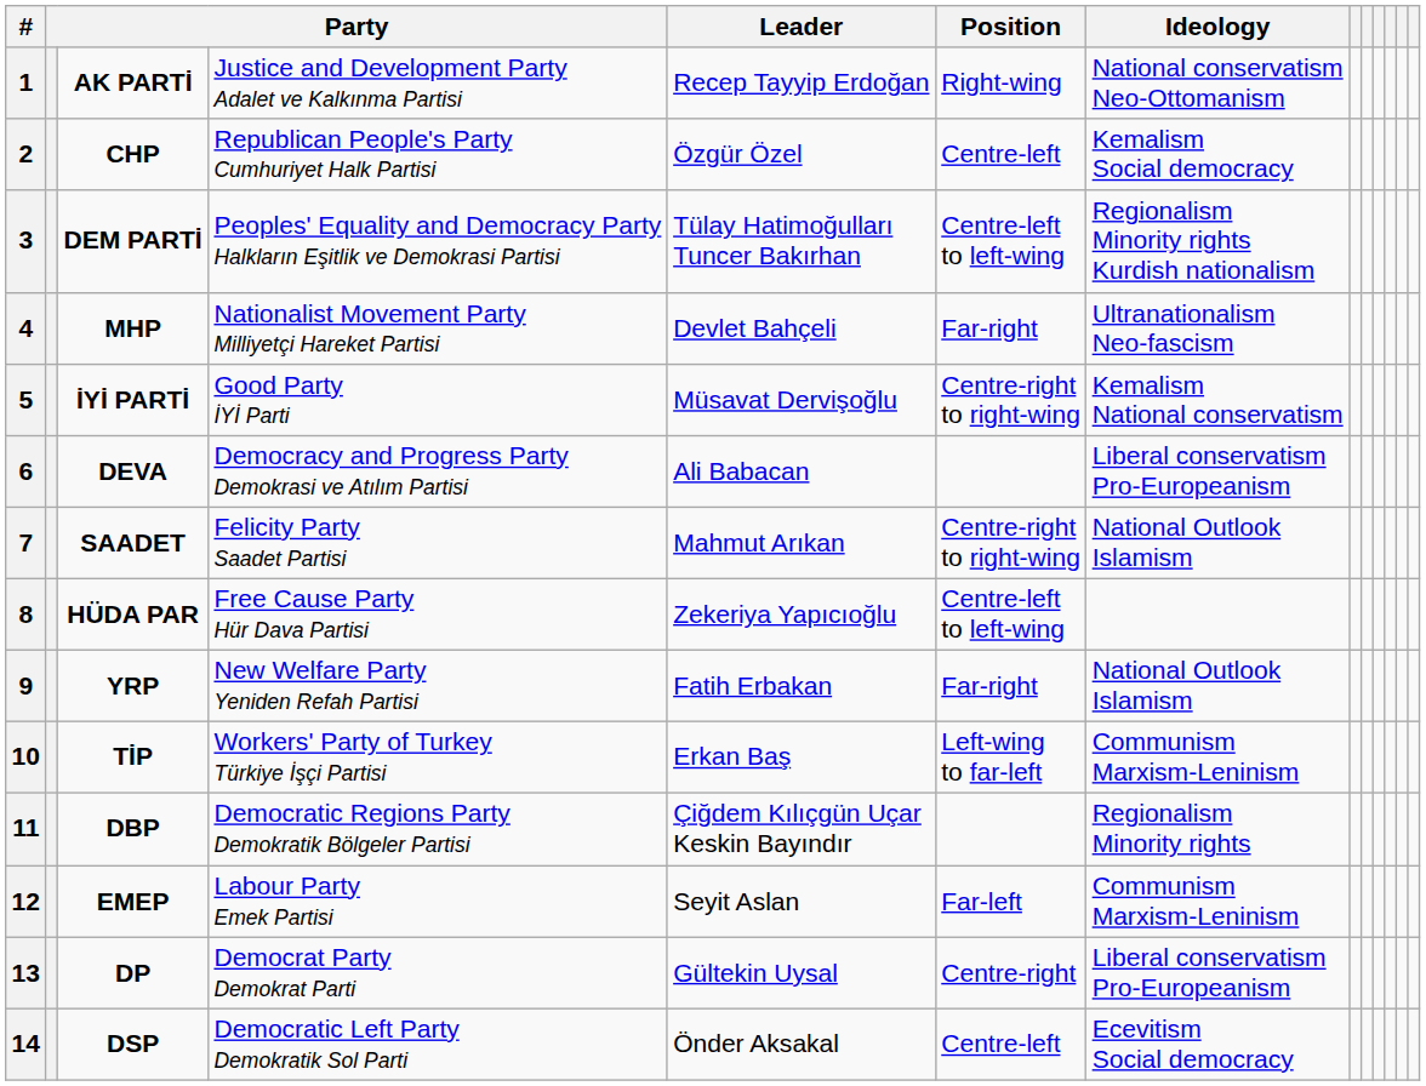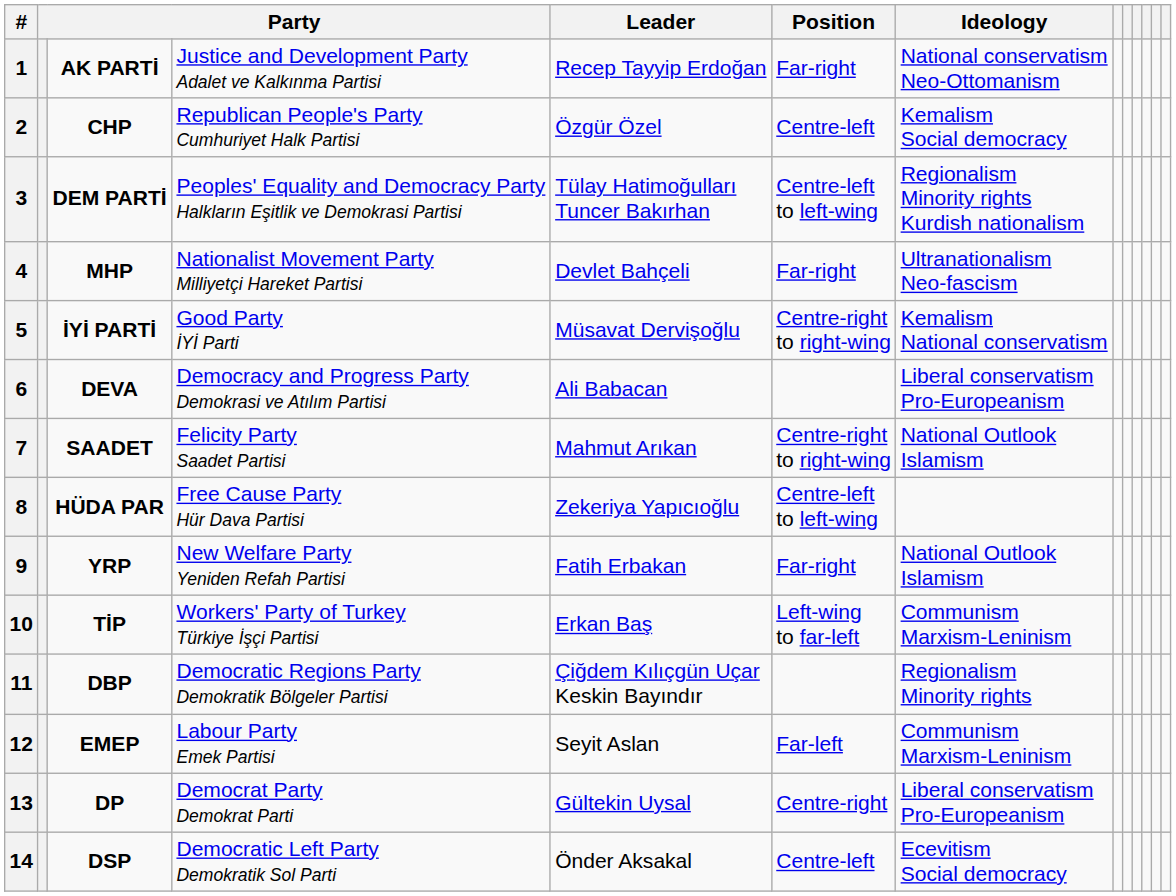 <table class="wikitable sortable" style="text-align:centre; font-size:96%">
 <tr>
 <th scope="col">#</th>
 <th colspan="3" scope="col">Party</th>
 <th>Leader</th>
 <th>Position</th>
 <th>Ideology</th>
 <th></th>
 <th></th>
 <th></th>
 <th></th>
 <th></th>
 <th></th>
 </tr>
 <tr>
 <th scope="col">1</th>
 <th style="background-color:"></th>
 <td align="center"><strong>AK PARTİ</strong></td>
 <td><a href='#'>Justice and Development Party</a><br><small><em>Adalet ve Kalkınma Partisi</em></small></td>
 <td><a href='#'>Recep Tayyip Erdoğan</a></td>
-<td><a href='#'>Right-wing</a></td>
+<td><a href='#'>Far-right</a></td>
 <td><a href='#'>National conservatism</a><br><a href='#'>Neo-Ottomanism</a></td>
 <td></td>
 <td></td>
 <td></td>
 <td></td>
 <td></td>
 <td></td>
 </tr>
 <tr>
 <th scope="col">2</th>
 <th style="background-color:"></th>
 <td align="center"><strong>CHP</strong></td>
 <td><a href='#'>Republican People's Party</a><br><small><em>Cumhuriyet Halk Partisi</em></small></td>
 <td><a href='#'>Özgür Özel</a></td>
 <td><a href='#'>Centre-left</a></td>
 <td><a href='#'>Kemalism</a><br><a href='#'>Social democracy</a></td>
 <td></td>
 <td></td>
 <td></td>
 <td></td>
 <td></td>
 <td></td>
 </tr>
 <tr>
 <th>3</th>
 <th style="background-color:"></th>
 <td align="center"><strong>DEM PARTİ</strong></td>
 <td><a href='#'>Peoples' Equality and Democracy Party</a><br><small><em>Halkların Eşitlik ve Demokrasi Partisi</em></small></td>
 <td><a href='#'>Tülay Hatimoğulları</a><br><a href='#'>Tuncer Bakırhan</a></td>
 <td><a href='#'>Centre-left</a><br>to <a href='#'>left-wing</a></td>
 <td><a href='#'>Regionalism</a><br><a href='#'>Minority rights</a><br><a href='#'>Kurdish nationalism</a></td>
 <td></td>
 <td></td>
 <td></td>
 <td></td>
 <td></td>
 <td></td>
 </tr>
 <tr>
 <th scope="col">4</th>
 <th style="background-color:"></th>
 <td align="center"><strong>MHP</strong></td>
 <td><a href='#'>Nationalist Movement Party</a><br><small><em>Milliyetçi Hareket Partisi</em></small></td>
 <td><a href='#'>Devlet Bahçeli</a></td>
 <td><a href='#'>Far-right</a></td>
 <td><a href='#'>Ultranationalism</a><br><a href='#'>Neo-fascism</a></td>
 <td></td>
 <td></td>
 <td></td>
 <td></td>
 <td></td>
 <td></td>
 </tr>
 <tr>
 <th scope="col">5</th>
 <th style="background-color:"></th>
 <td align="center"><strong>İYİ PARTİ</strong></td>
 <td><a href='#'>Good Party</a><br><small><em>İYİ Parti</em></small></td>
 <td><a href='#'>Müsavat Dervişoğlu</a></td>
 <td><a href='#'>Centre-right</a><br>to <a href='#'>right-wing</a></td>
 <td><a href='#'>Kemalism</a><br><a href='#'>National conservatism</a></td>
 <td></td>
 <td></td>
 <td></td>
 <td></td>
 <td></td>
 <td></td>
 </tr>
 <tr>
 <th>6</th>
 <th style="background-color:"></th>
 <td align="center"><strong>DEVA</strong></td>
 <td><a href='#'>Democracy and Progress Party</a><br><small><em>Demokrasi ve Atılım Partisi</em></small></td>
 <td><a href='#'>Ali Babacan</a></td>
 <td></td>
 <td><a href='#'>Liberal conservatism</a><br><a href='#'>Pro-Europeanism</a></td>
 <td></td>
 <td></td>
 <td></td>
 <td></td>
 <td></td>
 <td></td>
 </tr>
 <tr>
 <th>7</th>
 <th style="background-color:"></th>
 <td align="center"><strong>SAADET</strong></td>
 <td><a href='#'>Felicity Party</a><br><small><em>Saadet Partisi</em></small></td>
 <td><a href='#'>Mahmut Arıkan</a></td>
 <td><a href='#'>Centre-right</a><br>to <a href='#'>right-wing</a></td>
 <td><a href='#'>National Outlook</a><br><a href='#'>Islamism</a></td>
 <td></td>
 <td></td>
 <td></td>
 <td></td>
 <td></td>
 <td></td>
 </tr>
 <tr>
 <th>8</th>
 <th style="background-color:"></th>
 <td align="center"><strong>HÜDA PAR</strong></td>
 <td><a href='#'>Free Cause Party</a><br><small><em>Hür Dava Partisi</em></small></td>
 <td><a href='#'>Zekeriya Yapıcıoğlu</a></td>
 <td><a href='#'>Centre-left</a><br>to <a href='#'>left-wing</a></td>
 <td></td>
 <td></td>
 <td></td>
 <td></td>
 <td></td>
 <td></td>
 <td></td>
 </tr>
 <tr>
 <th>9</th>
 <th style="background-color:"></th>
 <td align="center"><strong>YRP</strong></td>
 <td><a href='#'>New Welfare Party</a><br><small><em>Yeniden Refah Partisi</em></small></td>
 <td><a href='#'>Fatih Erbakan</a></td>
 <td><a href='#'>Far-right</a></td>
 <td><a href='#'>National Outlook</a><br><a href='#'>Islamism</a></td>
 <td></td>
 <td></td>
 <td></td>
 <td></td>
 <td></td>
 <td></td>
 </tr>
 <tr>
 <th>10</th>
 <th style="background-color:"></th>
 <td align="center"><strong>TİP</strong></td>
 <td><a href='#'>Workers' Party of Turkey</a><br><small><em>Türkiye İşçi Partisi</em></small></td>
 <td><a href='#'>Erkan Baş</a></td>
 <td><a href='#'>Left-wing</a><br>to <a href='#'>far-left</a></td>
 <td><a href='#'>Communism</a><br><a href='#'>Marxism-Leninism</a></td>
 <td></td>
 <td></td>
 <td></td>
 <td></td>
 <td></td>
 <td></td>
 </tr>
 <tr>
 <th>11</th>
 <th style="background-color:"></th>
 <td align="center"><strong>DBP</strong></td>
 <td><a href='#'>Democratic Regions Party</a><br><small><em>Demokratik Bölgeler Partisi</em></small></td>
 <td><a href='#'>Çiğdem Kılıçgün Uçar</a><br>Keskin Bayındır</td>
 <td></td>
 <td><a href='#'>Regionalism</a><br><a href='#'>Minority rights</a></td>
 <td></td>
 <td></td>
 <td></td>
 <td></td>
 <td></td>
 <td></td>
 </tr>
 <tr>
 <th>12</th>
 <th style="background-color:"></th>
 <td align="center"><strong>EMEP</strong></td>
 <td><a href='#'>Labour Party</a><br><small><em>Emek Partisi</em></small></td>
 <td>Seyit Aslan</td>
 <td><a href='#'>Far-left</a></td>
 <td><a href='#'>Communism</a><br><a href='#'>Marxism-Leninism</a></td>
 <td></td>
 <td></td>
 <td></td>
 <td></td>
 <td></td>
 <td></td>
 </tr>
 <tr>
 <th>13</th>
 <th style="background-color:"></th>
 <td align="center"><strong>DP</strong></td>
 <td><a href='#'>Democrat Party</a><br><small><em>Demokrat Parti</em></small></td>
 <td><a href='#'>Gültekin Uysal</a></td>
 <td><a href='#'>Centre-right</a></td>
 <td><a href='#'>Liberal conservatism</a><br><a href='#'>Pro-Europeanism</a></td>
 <td></td>
 <td></td>
 <td></td>
 <td></td>
 <td></td>
 <td></td>
 </tr>
 <tr>
 <th>14</th>
 <th style="background-color:"></th>
 <td align="center"><strong>DSP</strong></td>
 <td><a href='#'>Democratic Left Party</a><br><small><em>Demokratik Sol Parti</em></small></td>
 <td>Önder Aksakal</td>
 <td><a href='#'>Centre-left</a></td>
 <td><a href='#'>Ecevitism</a><br><a href='#'>Social democracy</a></td>
 <td></td>
 <td></td>
 <td></td>
 <td></td>
 <td></td>
 <td></td>
 </tr>
 </table>
